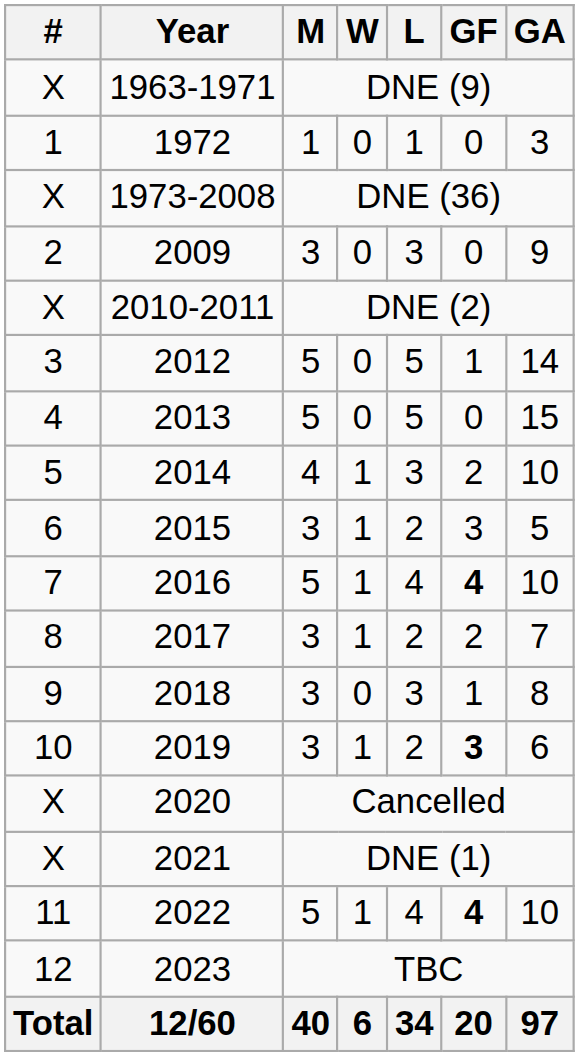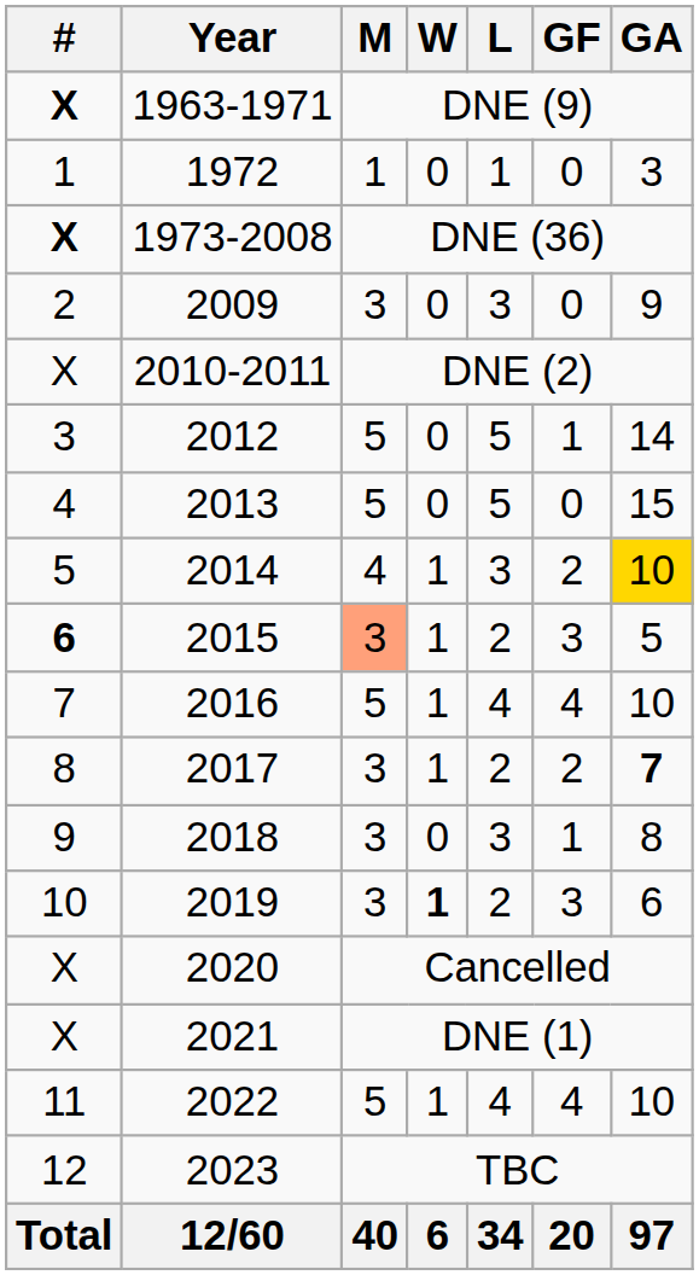 <table class="wikitable sortable" style="text-align:center">
 <tr>
 <th>#</th>
 <th>Year</th>
 <th>M</th>
 <th>W</th>
 <th>L</th>
 <th>GF</th>
 <th>GA</th>
 </tr>
 <tr>
-<td>X</td>
+<td><strong>X</strong></td>
 <td>1963-1971</td>
 <td colspan=7>DNE (9)</td>
 </tr>
 <tr>
 <td>1</td>
 <td>1972</td>
 <td>1</td>
 <td>0</td>
 <td>1</td>
 <td>0</td>
 <td>3</td>
 </tr>
 <tr>
-<td>X</td>
+<td><strong>X</strong></td>
 <td>1973-2008</td>
 <td colspan=7>DNE (36)</td>
 </tr>
 <tr>
 <td>2</td>
 <td>2009</td>
 <td>3</td>
 <td>0</td>
 <td>3</td>
 <td>0</td>
 <td>9</td>
 </tr>
 <tr>
 <td>X</td>
 <td>2010-2011</td>
 <td colspan=7>DNE (2)</td>
 </tr>
 <tr>
 <td>3</td>
 <td>2012</td>
 <td>5</td>
 <td>0</td>
 <td>5</td>
 <td>1</td>
 <td>14</td>
 </tr>
 <tr>
 <td>4</td>
 <td>2013</td>
 <td>5</td>
 <td>0</td>
 <td>5</td>
 <td>0</td>
 <td>15</td>
 </tr>
 <tr>
 <td>5</td>
 <td>2014</td>
 <td>4</td>
 <td>1</td>
 <td>3</td>
 <td>2</td>
-<td>10</td>
+<td style="background: gold;">10</td>
 </tr>
 <tr>
-<td>6</td>
+<td><strong>6</strong></td>
 <td>2015</td>
-<td>3</td>
+<td style="background: lightsalmon;">3</td>
 <td>1</td>
 <td>2</td>
 <td>3</td>
 <td>5</td>
 </tr>
 <tr>
 <td>7</td>
 <td>2016</td>
 <td>5</td>
 <td>1</td>
 <td>4</td>
-<td><strong>4</strong></td>
+<td>4</td>
 <td>10</td>
 </tr>
 <tr>
 <td>8</td>
 <td>2017</td>
 <td>3</td>
 <td>1</td>
 <td>2</td>
 <td>2</td>
-<td>7</td>
+<td><strong>7</strong></td>
 </tr>
 <tr>
 <td>9</td>
 <td>2018</td>
 <td>3</td>
 <td>0</td>
 <td>3</td>
 <td>1</td>
 <td>8</td>
 </tr>
 <tr>
 <td>10</td>
 <td>2019</td>
 <td>3</td>
-<td>1</td>
+<td><strong>1</strong></td>
 <td>2</td>
-<td><strong>3</strong></td>
+<td>3</td>
 <td>6</td>
 </tr>
 <tr>
 <td>X</td>
 <td>2020</td>
 <td colspan=7>Cancelled</td>
 </tr>
 <tr>
 <td>X</td>
 <td>2021</td>
 <td colspan=7>DNE (1)</td>
 </tr>
 <tr>
 <td>11</td>
 <td>2022</td>
 <td>5</td>
 <td>1</td>
 <td>4</td>
-<td><strong>4</strong></td>
+<td>4</td>
 <td>10</td>
 </tr>
 <tr>
 <td>12</td>
 <td>2023</td>
 <td colspan=7>TBC</td>
 </tr>
 <tr>
 <th><strong>Total</strong></th>
 <th>12/60</th>
 <th>40</th>
 <th>6</th>
 <th>34</th>
 <th>20</th>
 <th>97</th>
 </tr>
 </table>
